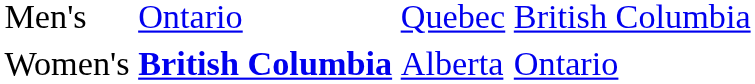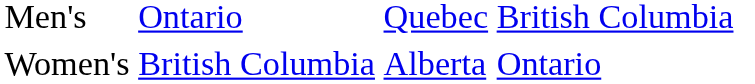 <table>
 <tr>
 <td>Men's</td>
 <td> <a href='#'>Ontario</a></td>
 <td> <a href='#'>Quebec</a></td>
 <td> <a href='#'>British Columbia</a></td>
 </tr>
 <tr>
 <td>Women's</td>
-<td><strong> <a href='#'>British Columbia</a></strong></td>
+<td> <a href='#'>British Columbia</a></td>
 <td> <a href='#'>Alberta</a></td>
 <td> <a href='#'>Ontario</a></td>
 </tr>
 </table>
